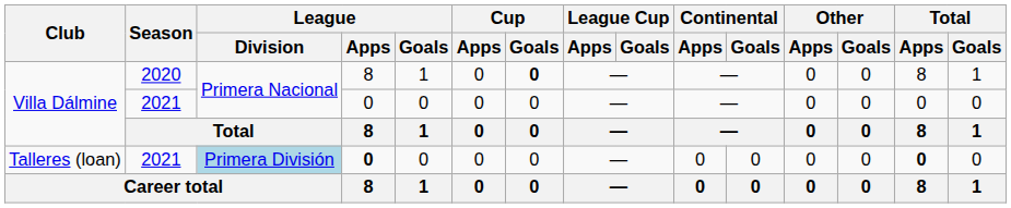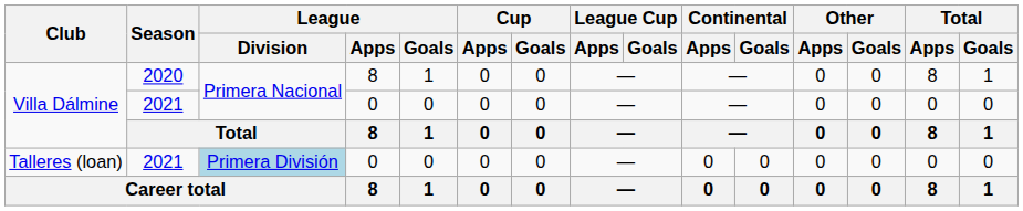 <table class="wikitable" style="text-align:center">
 <tr>
 <th rowspan="2">Club</th>
 <th rowspan="2">Season</th>
 <th colspan="3">League</th>
 <th colspan="2">Cup</th>
 <th colspan="2">League Cup</th>
 <th colspan="2">Continental</th>
 <th colspan="2">Other</th>
 <th colspan="2">Total</th>
 </tr>
 <tr>
 <th>Division</th>
 <th>Apps</th>
 <th>Goals</th>
 <th>Apps</th>
 <th>Goals</th>
 <th>Apps</th>
 <th>Goals</th>
 <th>Apps</th>
 <th>Goals</th>
 <th>Apps</th>
 <th>Goals</th>
 <th>Apps</th>
 <th>Goals</th>
 </tr>
 <tr>
 <td rowspan="3"><a href='#'>Villa Dálmine</a></td>
 <td><a href='#'>2020</a></td>
 <td rowspan="2"><a href='#'>Primera Nacional</a></td>
 <td>8</td>
 <td>1</td>
 <td>0</td>
-<td><strong>0</strong></td>
+<td>0</td>
 <td colspan="2">—</td>
 <td colspan="2">—</td>
 <td>0</td>
 <td>0</td>
 <td>8</td>
 <td>1</td>
 </tr>
 <tr>
 <td><a href='#'>2021</a></td>
 <td>0</td>
 <td>0</td>
 <td>0</td>
 <td>0</td>
 <td colspan="2">—</td>
 <td colspan="2">—</td>
 <td>0</td>
 <td>0</td>
 <td>0</td>
 <td>0</td>
 </tr>
 <tr>
 <th colspan="2">Total</th>
 <th>8</th>
 <th>1</th>
 <th>0</th>
 <th>0</th>
 <th colspan="2">—</th>
 <th colspan="2">—</th>
 <th>0</th>
 <th>0</th>
 <th>8</th>
 <th>1</th>
 </tr>
 <tr>
 <td rowspan="1"><a href='#'>Talleres</a> (loan)</td>
 <td><a href='#'>2021</a></td>
 <td rowspan="1" style="background: lightblue;"><a href='#'>Primera División</a></td>
-<td><strong>0</strong></td>
+<td>0</td>
 <td>0</td>
 <td>0</td>
 <td>0</td>
 <td colspan="2">—</td>
 <td>0</td>
 <td>0</td>
 <td>0</td>
 <td>0</td>
-<td><strong>0</strong></td>
+<td>0</td>
 <td>0</td>
 </tr>
 <tr>
 <th colspan="3">Career total</th>
 <th>8</th>
 <th>1</th>
 <th>0</th>
 <th>0</th>
 <th colspan="2">—</th>
 <th>0</th>
 <th>0</th>
 <th>0</th>
 <th>0</th>
 <th>8</th>
 <th>1</th>
 </tr>
 </table>
